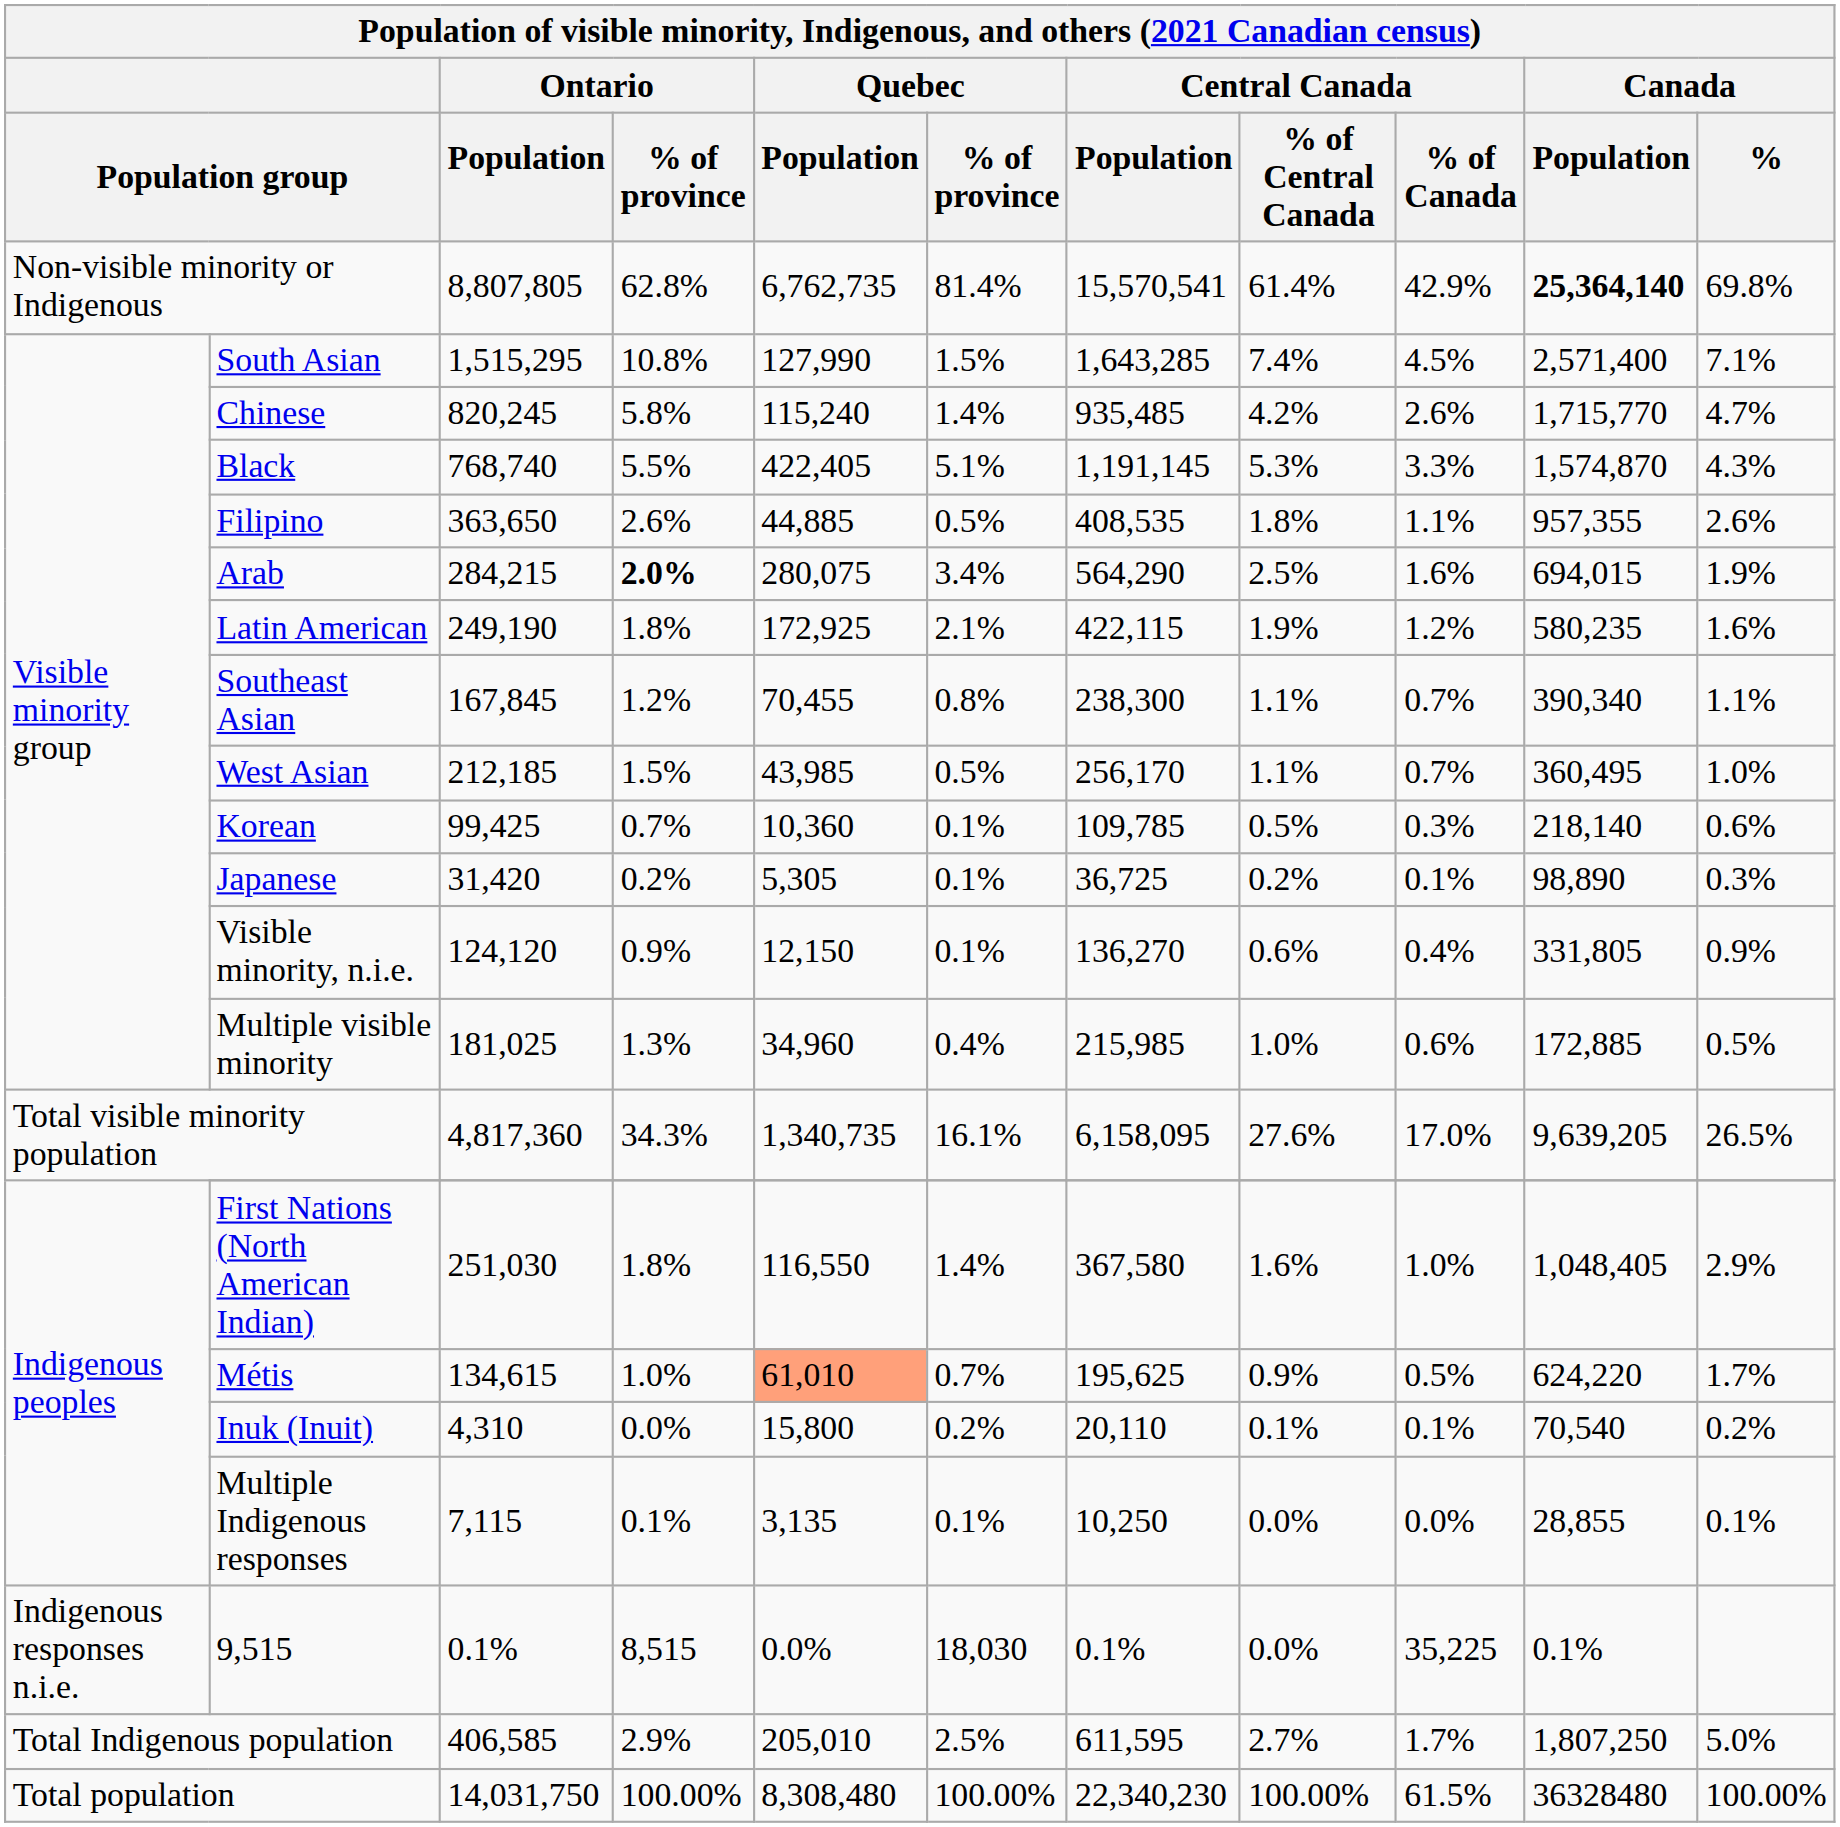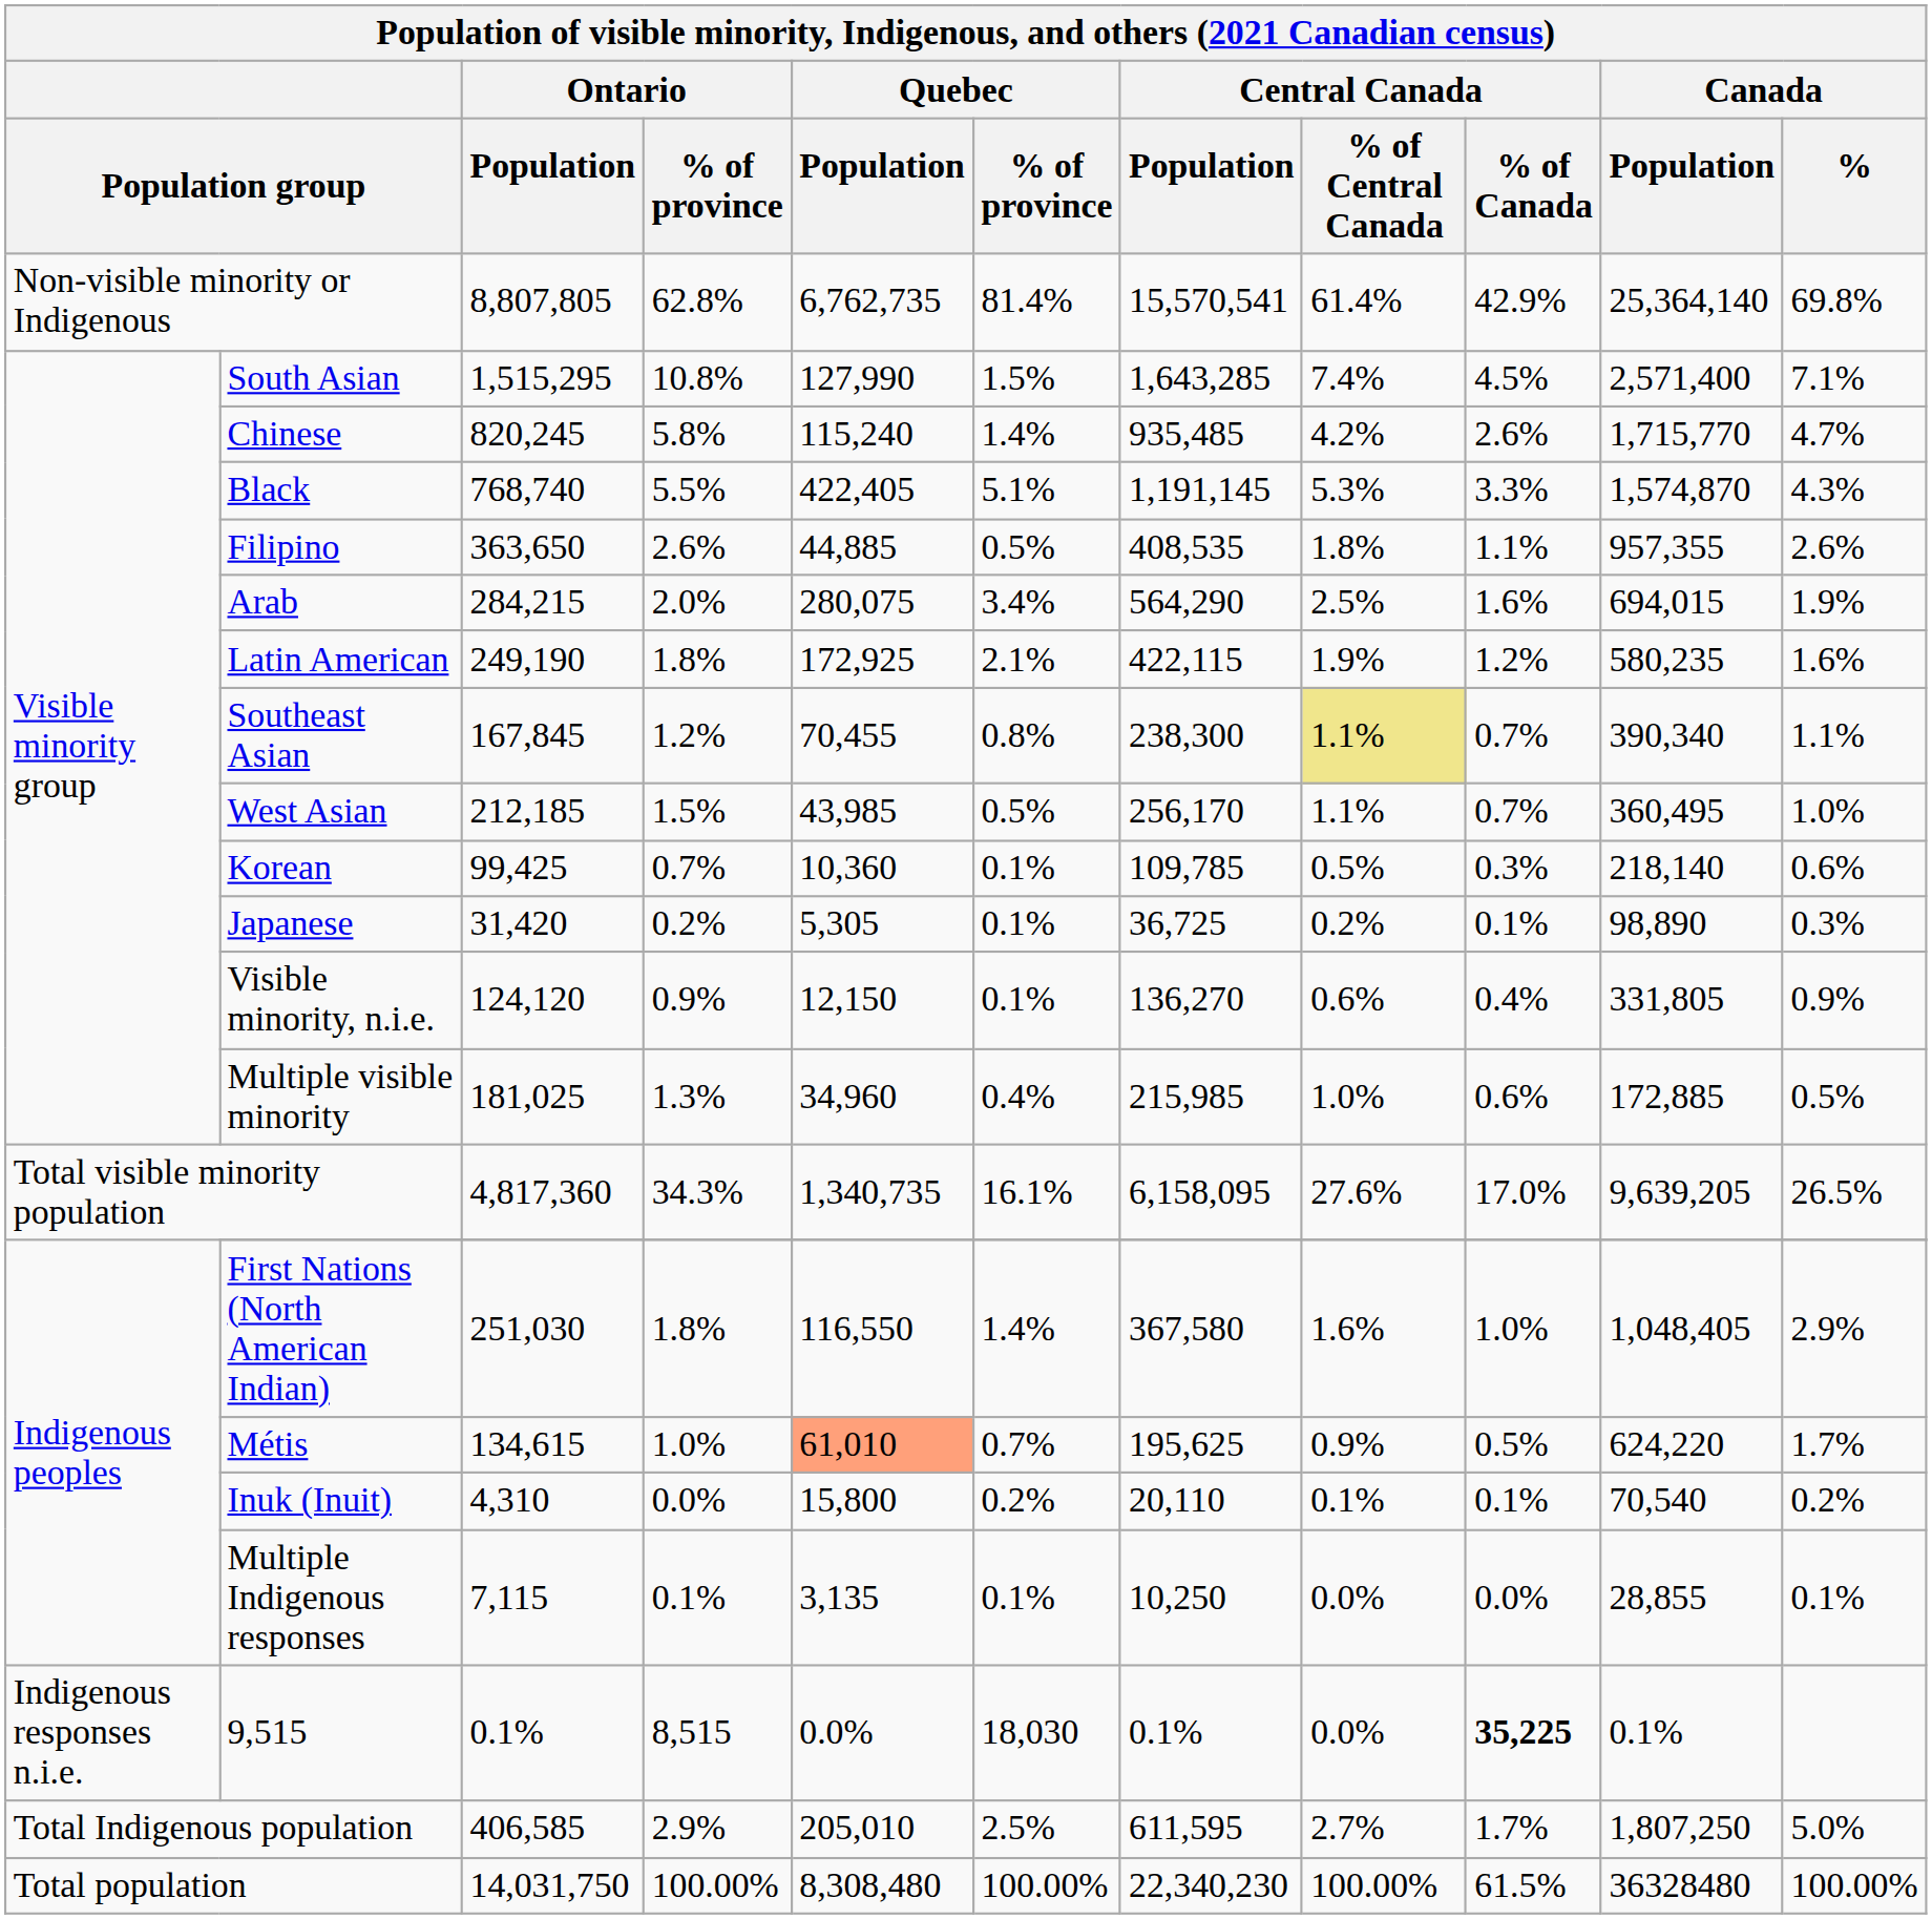 <table class="wikitable">
 <tr>
 <th colspan=11>Population of visible minority, Indigenous, and others (<a href='#'>2021 Canadian census</a>)</th>
 </tr>
 <tr>
 <th colspan="2"></th>
 <th colspan="2">Ontario</th>
 <th colspan="2">Quebec</th>
 <th colspan="3">Central Canada</th>
 <th colspan="2">Canada</th>
 </tr>
 <tr>
 <th colspan="2">Population group</th>
 <th>Population<br> </th>
 <th>% of<br>province</th>
 <th>Population<br> </th>
 <th>% of<br>province</th>
 <th>Population<br> </th>
 <th>% of<br>Central Canada</th>
 <th>% of<br>Canada</th>
 <th>Population<br> </th>
 <th>%<br> </th>
 </tr>
 <tr>
 <td colspan="2">Non-visible minority or Indigenous</td>
 <td>8,807,805</td>
 <td>62.8%</td>
 <td>6,762,735</td>
 <td>81.4%</td>
 <td>15,570,541</td>
 <td>61.4%</td>
 <td>42.9%</td>
-<td><strong>25,364,140</strong></td>
+<td>25,364,140</td>
 <td>69.8%</td>
 </tr>
 <tr>
 <td rowspan="12"><a href='#'>Visible minority</a> group</td>
 <td><a href='#'>South Asian</a></td>
 <td>1,515,295</td>
 <td>10.8%</td>
 <td>127,990</td>
 <td>1.5%</td>
 <td>1,643,285</td>
 <td>7.4%</td>
 <td>4.5%</td>
 <td>2,571,400</td>
 <td>7.1%</td>
 </tr>
 <tr>
 <td><a href='#'>Chinese</a></td>
 <td>820,245</td>
 <td>5.8%</td>
 <td>115,240</td>
 <td>1.4%</td>
 <td>935,485</td>
 <td>4.2%</td>
 <td>2.6%</td>
 <td>1,715,770</td>
 <td>4.7%</td>
 </tr>
 <tr>
 <td><a href='#'>Black</a></td>
 <td>768,740</td>
 <td>5.5%</td>
 <td>422,405</td>
 <td>5.1%</td>
 <td>1,191,145</td>
 <td>5.3%</td>
 <td>3.3%</td>
 <td>1,574,870</td>
 <td>4.3%</td>
 </tr>
 <tr>
 <td><a href='#'>Filipino</a></td>
 <td>363,650</td>
 <td>2.6%</td>
 <td>44,885</td>
 <td>0.5%</td>
 <td>408,535</td>
 <td>1.8%</td>
 <td>1.1%</td>
 <td>957,355</td>
 <td>2.6%</td>
 </tr>
 <tr>
 <td><a href='#'>Arab</a></td>
 <td>284,215</td>
-<td><strong>2.0%</strong></td>
+<td>2.0%</td>
 <td>280,075</td>
 <td>3.4%</td>
 <td>564,290</td>
 <td>2.5%</td>
 <td>1.6%</td>
 <td>694,015</td>
 <td>1.9%</td>
 </tr>
 <tr>
 <td><a href='#'>Latin American</a></td>
 <td>249,190</td>
 <td>1.8%</td>
 <td>172,925</td>
 <td>2.1%</td>
 <td>422,115</td>
 <td>1.9%</td>
 <td>1.2%</td>
 <td>580,235</td>
 <td>1.6%</td>
 </tr>
 <tr>
 <td><a href='#'>Southeast Asian</a></td>
 <td>167,845</td>
 <td>1.2%</td>
 <td>70,455</td>
 <td>0.8%</td>
 <td>238,300</td>
-<td>1.1%</td>
+<td style="background: khaki;">1.1%</td>
 <td>0.7%</td>
 <td>390,340</td>
 <td>1.1%</td>
 </tr>
 <tr>
 <td><a href='#'>West Asian</a></td>
 <td>212,185</td>
 <td>1.5%</td>
 <td>43,985</td>
 <td>0.5%</td>
 <td>256,170</td>
 <td>1.1%</td>
 <td>0.7%</td>
 <td>360,495</td>
 <td>1.0%</td>
 </tr>
 <tr>
 <td><a href='#'>Korean</a></td>
 <td>99,425</td>
 <td>0.7%</td>
 <td>10,360</td>
 <td>0.1%</td>
 <td>109,785</td>
 <td>0.5%</td>
 <td>0.3%</td>
 <td>218,140</td>
 <td>0.6%</td>
 </tr>
 <tr>
 <td><a href='#'>Japanese</a></td>
 <td>31,420</td>
 <td>0.2%</td>
 <td>5,305</td>
 <td>0.1%</td>
 <td>36,725</td>
 <td>0.2%</td>
 <td>0.1%</td>
 <td>98,890</td>
 <td>0.3%</td>
 </tr>
 <tr>
 <td>Visible minority, n.i.e.</td>
 <td>124,120</td>
 <td>0.9%</td>
 <td>12,150</td>
 <td>0.1%</td>
 <td>136,270</td>
 <td>0.6%</td>
 <td>0.4%</td>
 <td>331,805</td>
 <td>0.9%</td>
 </tr>
 <tr>
 <td>Multiple visible minority</td>
 <td>181,025</td>
 <td>1.3%</td>
 <td>34,960</td>
 <td>0.4%</td>
 <td>215,985</td>
 <td>1.0%</td>
 <td>0.6%</td>
 <td>172,885</td>
 <td>0.5%</td>
 </tr>
 <tr>
 <td colspan="2">Total visible minority population</td>
 <td>4,817,360</td>
 <td>34.3%</td>
 <td>1,340,735</td>
 <td>16.1%</td>
 <td>6,158,095</td>
 <td>27.6%</td>
 <td>17.0%</td>
 <td>9,639,205</td>
 <td>26.5%</td>
 </tr>
 <tr>
 <td rowspan="5"><a href='#'>Indigenous peoples</a></td>
 </tr>
 <tr>
 <td><a href='#'>First Nations (North American Indian)</a></td>
 <td>251,030</td>
 <td>1.8%</td>
 <td>116,550</td>
 <td>1.4%</td>
 <td>367,580</td>
 <td>1.6%</td>
 <td>1.0%</td>
 <td>1,048,405</td>
 <td>2.9%</td>
 </tr>
 <tr>
 <td><a href='#'>Métis</a></td>
 <td>134,615</td>
 <td>1.0%</td>
 <td style="background: lightsalmon;">61,010</td>
 <td>0.7%</td>
 <td>195,625</td>
 <td>0.9%</td>
 <td>0.5%</td>
 <td>624,220</td>
 <td>1.7%</td>
 </tr>
 <tr>
 <td><a href='#'>Inuk (Inuit)</a></td>
 <td>4,310</td>
 <td>0.0%</td>
 <td>15,800</td>
 <td>0.2%</td>
 <td>20,110</td>
 <td>0.1%</td>
 <td>0.1%</td>
 <td>70,540</td>
 <td>0.2%</td>
 </tr>
 <tr>
 <td>Multiple Indigenous responses</td>
 <td>7,115</td>
 <td>0.1%</td>
 <td>3,135</td>
 <td>0.1%</td>
 <td>10,250</td>
 <td>0.0%</td>
 <td>0.0%</td>
 <td>28,855</td>
 <td>0.1%</td>
 </tr>
 <tr>
 <td>Indigenous responses n.i.e.</td>
 <td>9,515</td>
 <td>0.1%</td>
 <td>8,515</td>
 <td>0.0%</td>
 <td>18,030</td>
 <td>0.1%</td>
 <td>0.0%</td>
-<td>35,225</td>
+<td><strong>35,225</strong></td>
 <td>0.1%</td>
 </tr>
 <tr>
 <td colspan="2">Total Indigenous population</td>
 <td>406,585</td>
 <td>2.9%</td>
 <td>205,010</td>
 <td>2.5%</td>
 <td>611,595</td>
 <td>2.7%</td>
 <td>1.7%</td>
 <td>1,807,250</td>
 <td>5.0%</td>
 </tr>
 <tr>
 <td colspan="2">Total population</td>
 <td>14,031,750</td>
 <td>100.00%</td>
 <td>8,308,480</td>
 <td>100.00%</td>
 <td>22,340,230</td>
 <td>100.00%</td>
 <td>61.5%</td>
 <td>36328480</td>
 <td>100.00%</td>
 </tr>
 </table>
